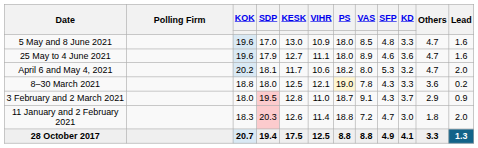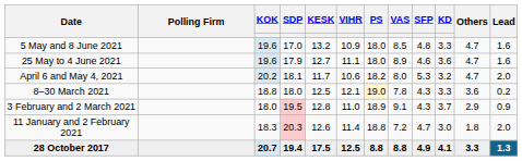 <table class="wikitable sortable" style="text-align:center; font-size:90%; line-height:16px;">
 <tr style="height:42px;">
 <th style="width:190px;" rowspan="2">Date</th>
 <th style="width:165px;" rowspan="2">Polling Firm</th>
 <th><a href='#'><span>KOK</span></a></th>
 <th><a href='#'><span>SDP</span></a></th>
 <th><a href='#'><span>KESK</span></a></th>
 <th><a href='#'><span>VIHR</span></a></th>
 <th><a href='#'><span>PS</span></a></th>
 <th><a href='#'><span>VAS</span></a></th>
 <th><a href='#'><span>SFP</span></a></th>
 <th><a href='#'><span>KD</span></a></th>
 <th style="width:40px;" rowspan="2">Others</th>
 <th style="width:20px;" rowspan="2">Lead</th>
 </tr>
 <tr>
 <th style="background:"></th>
 <th style="background:"></th>
 <th style="background:"></th>
 <th style="background:"></th>
 <th style="background:"></th>
 <th style="background:"></th>
 <th style="background:"></th>
 <th style="background:"></th>
 </tr>
 <tr>
 <td>5 May and 8 June 2021</td>
 <td></td>
 <td style="background:#D9E9F4">19.6</td>
 <td>17.0</td>
-<td>13.0</td>
+<td>13.2</td>
 <td>10.9</td>
 <td>18.0</td>
 <td>8.5</td>
 <td>4.8</td>
 <td>3.3</td>
 <td>4.7</td>
 <td style="background:">1.6</td>
 </tr>
 <tr>
 <td>25 May to 4 June 2021</td>
 <td></td>
 <td style="background:#D9E9F4">19.6</td>
 <td>17.9</td>
 <td>12.7</td>
 <td>11.1</td>
 <td>18.0</td>
 <td>8.9</td>
 <td>4.6</td>
 <td>3.6</td>
 <td>4.7</td>
 <td style="background:">1.6</td>
 </tr>
 <tr>
 <td>April 6 and May 4, 2021</td>
 <td></td>
 <td style="background:#D9E9F4">20.2</td>
 <td>18.1</td>
 <td>11.7</td>
 <td>10.6</td>
 <td>18.2</td>
 <td>8.0</td>
 <td>5.3</td>
 <td>3.2</td>
 <td>4.7</td>
 <td style="background:">2.0</td>
 </tr>
 <tr>
 <td>8–30 March 2021</td>
 <td></td>
 <td>18.8</td>
 <td>18.0</td>
 <td>12.5</td>
 <td>12.1</td>
 <td style="background:#FFF6D1;">19.0</td>
 <td>7.8</td>
 <td>4.3</td>
 <td>3.3</td>
 <td>3.6</td>
 <td style="background:">0.2</td>
 </tr>
 <tr>
 <td data-sort-value="2017-04-04">3 February and 2 March 2021</td>
 <td></td>
 <td>18.0</td>
 <td style="background:#FCCBCD">19.5</td>
 <td>12.8</td>
 <td>11.0</td>
-<td>18.7</td>
+<td>18.9</td>
 <td>9.1</td>
 <td>4.3</td>
 <td>3.7</td>
 <td>2.9</td>
 <td style="background:">0.9</td>
 </tr>
 <tr>
 <td data-sort-value="2017-04-04">11 January and 2 February 2021</td>
 <td></td>
 <td>18.3</td>
 <td style="background:#FCCBCD">20.3</td>
 <td>12.6</td>
 <td>11.4</td>
 <td>18.8</td>
 <td>7.2</td>
 <td>4.7</td>
 <td>3.0</td>
 <td>1.8</td>
 <td style="background:">2.0</td>
 </tr>
 <tr style="background:#EFEFEF; font-weight:bold;">
 <td data-sort-value="2012-10-28">28 October 2017</td>
 <td></td>
 <td style="background:#D9E9F4">20.7</td>
 <td>19.4</td>
 <td>17.5</td>
 <td>12.5</td>
 <td>8.8</td>
 <td>8.8</td>
 <td>4.9</td>
 <td>4.1</td>
 <td>3.3</td>
 <td style="background:#136389; color:white;">1.3</td>
 </tr>
 </table>
